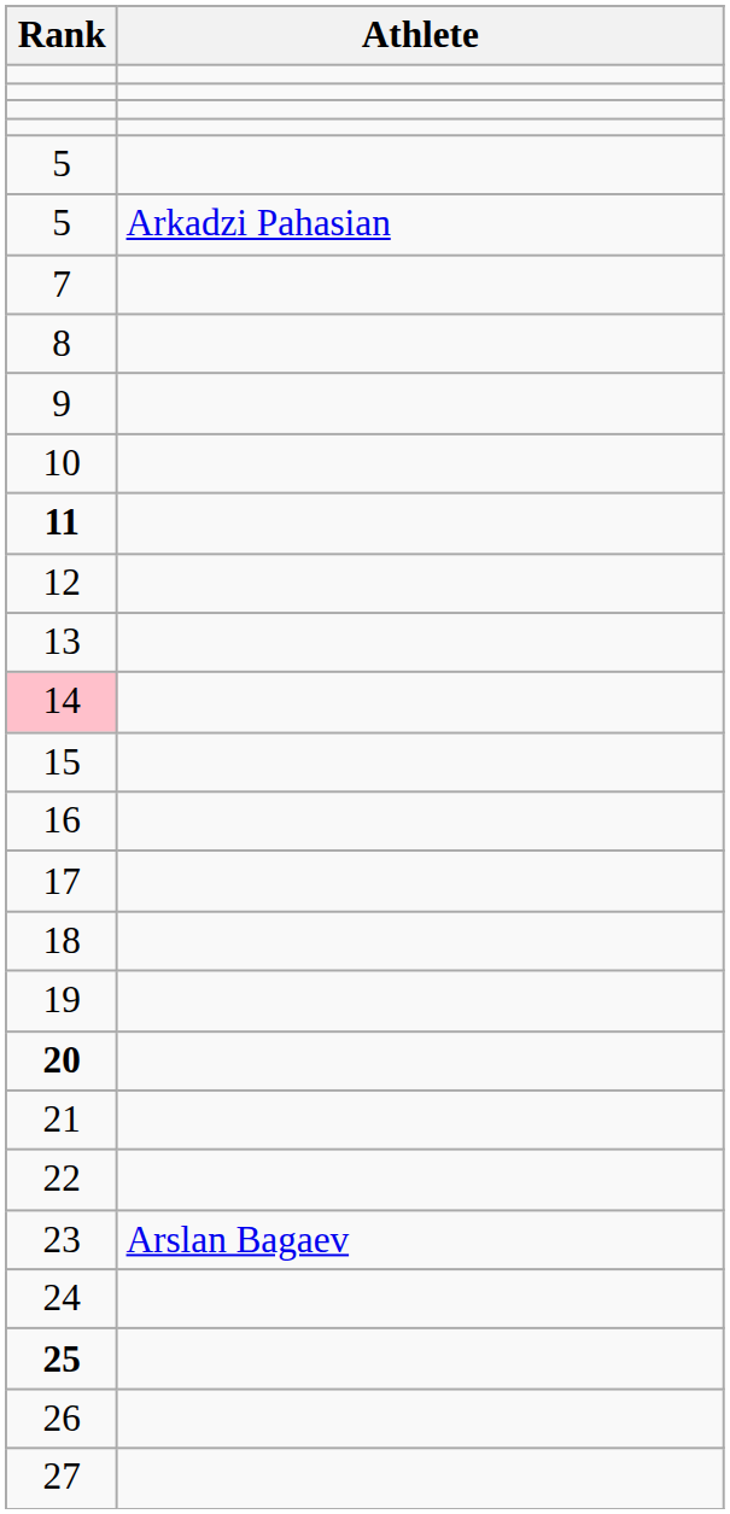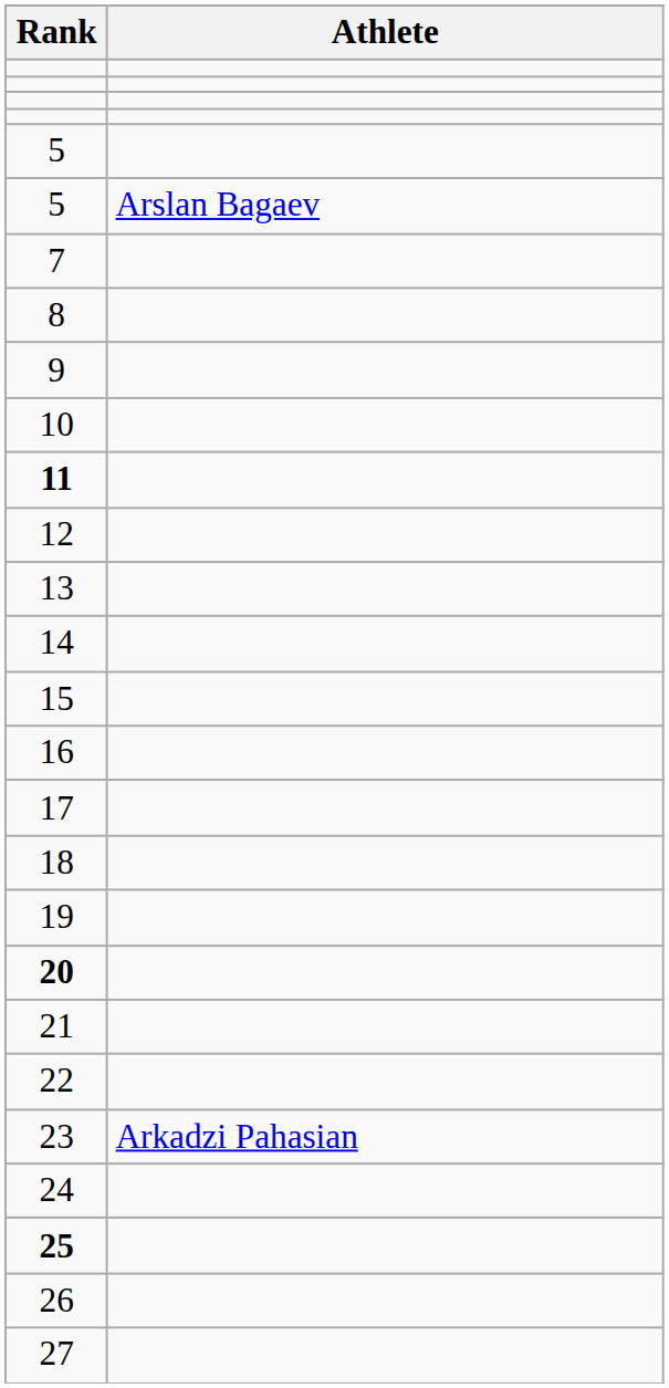 <table class="wikitable" style="text-align: center;">
 <tr>
 <th width=40>Rank</th>
 <th width=250>Athlete</th>
 </tr>
 <tr>
 <td></td>
 <td align="left"></td>
 </tr>
 <tr>
 <td></td>
 <td align="left"></td>
 </tr>
 <tr>
 <td></td>
 <td align="left"></td>
 </tr>
 <tr>
 <td></td>
 <td align="left"></td>
 </tr>
 <tr>
 <td>5</td>
 <td align="left"></td>
 </tr>
 <tr>
 <td>5</td>
-<td align="left"> <a href='#'>Arkadzi Pahasian</a> </td>
+<td align="left"> <a href='#'>Arslan Bagaev</a> </td>
 </tr>
 <tr>
 <td>7</td>
 <td align="left"></td>
 </tr>
 <tr>
 <td>8</td>
 <td align="left"></td>
 </tr>
 <tr>
 <td>9</td>
 <td align="left"></td>
 </tr>
 <tr>
 <td>10</td>
 <td align="left"></td>
 </tr>
 <tr>
 <td><strong>11</strong></td>
 <td align="left"></td>
 </tr>
 <tr>
 <td>12</td>
 <td align="left"></td>
 </tr>
 <tr>
 <td>13</td>
 <td align="left"></td>
 </tr>
 <tr>
-<td style="background: pink;">14</td>
+<td>14</td>
 <td align="left"></td>
 </tr>
 <tr>
 <td>15</td>
 <td align="left"></td>
 </tr>
 <tr>
 <td>16</td>
 <td align="left"></td>
 </tr>
 <tr>
 <td>17</td>
 <td align="left"></td>
 </tr>
 <tr>
 <td>18</td>
 <td align="left"></td>
 </tr>
 <tr>
 <td>19</td>
 <td align="left"></td>
 </tr>
 <tr>
 <td><strong>20</strong></td>
 <td align="left"></td>
 </tr>
 <tr>
 <td>21</td>
 <td align="left"></td>
 </tr>
 <tr>
 <td>22</td>
 <td align="left"></td>
 </tr>
 <tr>
 <td>23</td>
-<td align="left"> <a href='#'>Arslan Bagaev</a> </td>
+<td align="left"> <a href='#'>Arkadzi Pahasian</a> </td>
 </tr>
 <tr>
 <td>24</td>
 <td align="left"></td>
 </tr>
 <tr>
 <td><strong>25</strong></td>
 <td align="left"></td>
 </tr>
 <tr>
 <td>26</td>
 <td align="left"></td>
 </tr>
 <tr>
 <td>27</td>
 <td align="left"></td>
 </tr>
 </table>
